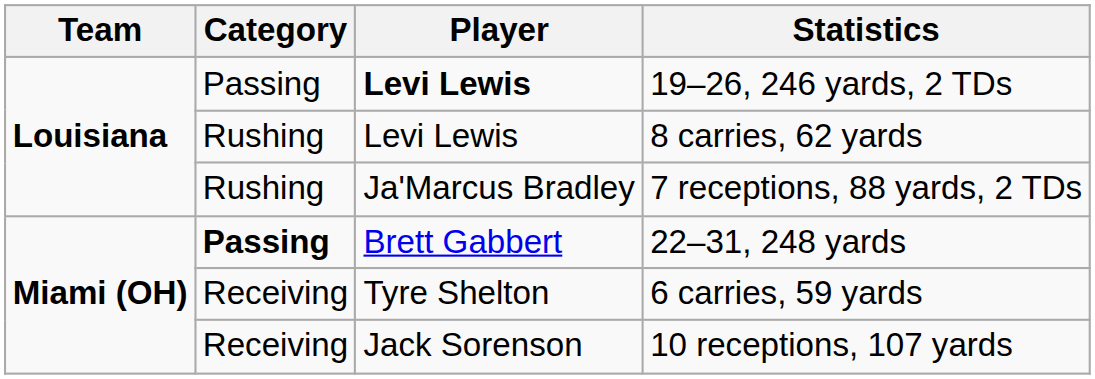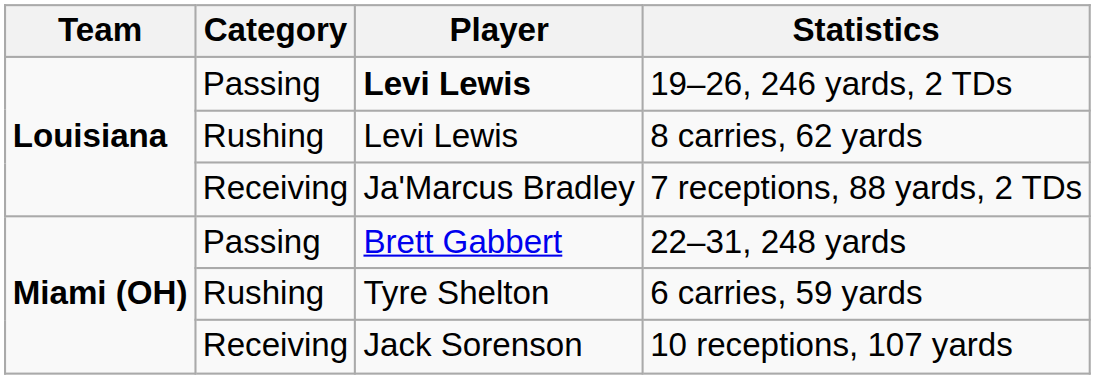 <table class="wikitable" style="float: left;">
 <tr>
 <th>Team</th>
 <th>Category</th>
 <th>Player</th>
 <th>Statistics</th>
 </tr>
 <tr>
 <td rowspan=3><strong>Louisiana</strong></td>
 <td>Passing</td>
 <td><strong>Levi Lewis</strong></td>
 <td>19–26, 246 yards, 2 TDs</td>
 </tr>
 <tr>
 <td>Rushing</td>
 <td>Levi Lewis</td>
 <td>8 carries, 62 yards</td>
 </tr>
 <tr>
-<td>Rushing</td>
+<td>Receiving</td>
 <td>Ja'Marcus Bradley</td>
 <td>7 receptions, 88 yards, 2 TDs</td>
 </tr>
 <tr>
 <td rowspan=3><strong>Miami (OH)</strong></td>
-<td><strong>Passing</strong></td>
+<td>Passing</td>
 <td><a href='#'>Brett Gabbert</a></td>
 <td>22–31, 248 yards</td>
 </tr>
 <tr>
-<td>Receiving</td>
+<td>Rushing</td>
 <td>Tyre Shelton</td>
 <td>6 carries, 59 yards</td>
 </tr>
 <tr>
 <td>Receiving</td>
 <td>Jack Sorenson</td>
 <td>10 receptions, 107 yards</td>
 </tr>
 </table>
